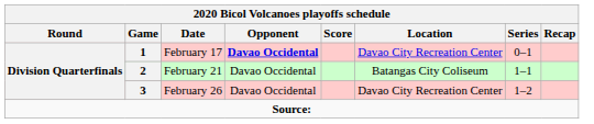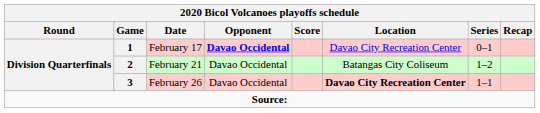 <table class="wikitable" style="text-align:center">
 <tr>
 <th colspan=8>2020 Bicol Volcanoes playoffs schedule</th>
 </tr>
 <tr>
 <th>Round</th>
 <th>Game</th>
 <th>Date</th>
 <th>Opponent</th>
 <th>Score</th>
 <th>Location</th>
 <th>Series</th>
 <th>Recap<br></th>
 </tr>
 <tr style="background:#fcc">
 <th rowspan=3>Division Quarterfinals</th>
 <th>1</th>
 <td>February 17</td>
 <td><strong><a href='#'>Davao Occidental</a></strong></td>
 <td></td>
 <td><a href='#'>Davao City Recreation Center</a></td>
 <td>0–1</td>
 <td></td>
 </tr>
 <tr style="background:#cfc">
 <th>2</th>
 <td>February 21</td>
 <td>Davao Occidental</td>
 <td></td>
 <td>Batangas City Coliseum</td>
-<td>1–1</td>
+<td>1–2</td>
 <td></td>
 </tr>
 <tr style="background:#fcc">
 <th>3</th>
 <td>February 26</td>
 <td>Davao Occidental</td>
 <td></td>
-<td>Davao City Recreation Center</td>
-<td>1–2</td>
+<td><strong>Davao City Recreation Center</strong></td>
+<td>1–1</td>
 <td></td>
 </tr>
 <tr>
 <td colspan=8 align=center><strong>Source: </strong></td>
 </tr>
 </table>
